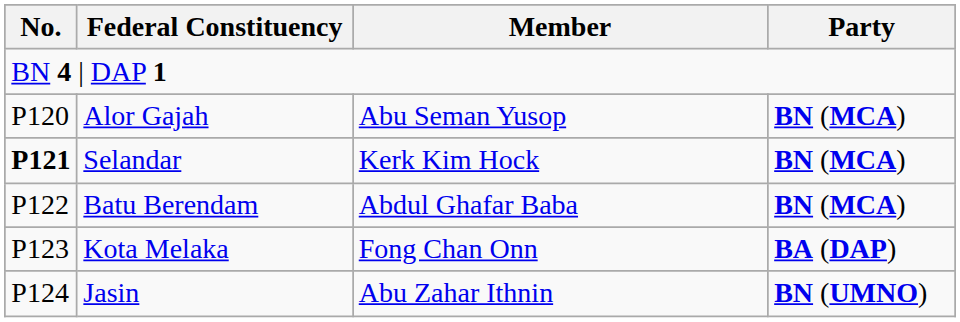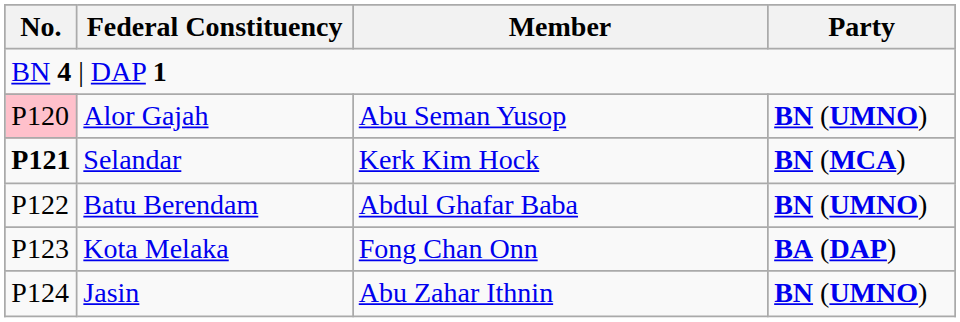 <table class="wikitable sortable">
 <tr>
 <th style="width:30px;">No.</th>
 <th style="width:150px;">Federal Constituency</th>
 <th style="width:230px;">Member</th>
 <th style="width:100px;">Party</th>
 </tr>
 <tr>
 <td colspan="4"><a href='#'>BN</a> <strong>4</strong> | <a href='#'>DAP</a> <strong>1</strong></td>
 </tr>
 <tr>
-<td>P120</td>
+<td style="background: pink;">P120</td>
 <td><a href='#'>Alor Gajah</a></td>
 <td><a href='#'>Abu Seman Yusop</a></td>
-<td><strong><a href='#'>BN</a></strong> (<strong><a href='#'>MCA</a></strong>)</td>
+<td><strong><a href='#'>BN</a></strong> (<strong><a href='#'>UMNO</a></strong>)</td>
 </tr>
 <tr>
 <td><strong>P121</strong></td>
 <td><a href='#'>Selandar</a></td>
 <td><a href='#'>Kerk Kim Hock</a></td>
 <td><strong><a href='#'>BN</a></strong> (<strong><a href='#'>MCA</a></strong>)</td>
 </tr>
 <tr>
 <td>P122</td>
 <td><a href='#'>Batu Berendam</a></td>
 <td><a href='#'>Abdul Ghafar Baba</a></td>
-<td><strong><a href='#'>BN</a></strong> (<strong><a href='#'>MCA</a></strong>)</td>
+<td><strong><a href='#'>BN</a></strong> (<strong><a href='#'>UMNO</a></strong>)</td>
 </tr>
 <tr>
 <td>P123</td>
 <td><a href='#'>Kota Melaka</a></td>
 <td><a href='#'>Fong Chan Onn</a></td>
 <td><strong><a href='#'>BA</a></strong> (<strong><a href='#'>DAP</a></strong>)</td>
 </tr>
 <tr>
 <td>P124</td>
 <td><a href='#'>Jasin</a></td>
 <td><a href='#'>Abu Zahar Ithnin</a></td>
 <td><strong><a href='#'>BN</a></strong> (<strong><a href='#'>UMNO</a></strong>)</td>
 </tr>
 </table>
